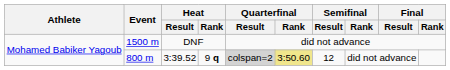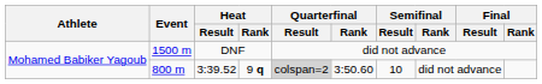 <table class="wikitable" style="font-size:90%">
 <tr>
 <th rowspan="2">Athlete</th>
 <th rowspan="2">Event</th>
 <th colspan="2">Heat</th>
 <th colspan="2">Quarterfinal</th>
 <th colspan="2">Semifinal</th>
 <th colspan="2">Final</th>
 </tr>
 <tr style="font-size:95%">
 <th>Result</th>
 <th>Rank</th>
 <th>Result</th>
 <th>Rank</th>
 <th>Result</th>
 <th>Rank</th>
 <th>Result</th>
 <th>Rank</th>
 </tr>
 <tr align=center>
 <td align=left rowspan=2><a href='#'>Mohamed Babiker Yagoub</a></td>
 <td align=left><a href='#'>1500 m</a></td>
 <td colspan=2>DNF</td>
 <td colspan=6>did not advance</td>
 </tr>
 <tr align=center>
 <td align=left><a href='#'>800 m</a></td>
 <td>3:39.52</td>
 <td>9 <strong>q</strong></td>
 <td style="background: lightgrey;">colspan=2 </td>
-<td style="background: khaki;">3:50.60</td>
-<td>12</td>
+<td>3:50.60</td>
+<td>10</td>
 <td colspan=2>did not advance</td>
 </tr>
 </table>
